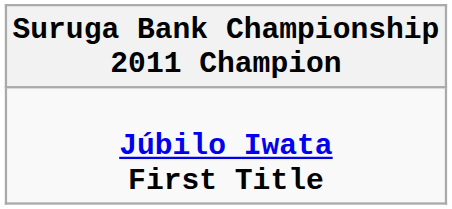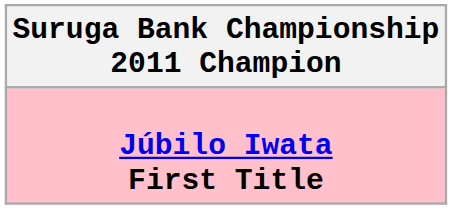 <table class="wikitable" style="text-align: center; margin: 0 auto;">
 <tr>
 <th>Suruga Bank Championship<br>2011 Champion</th>
 </tr>
 <tr>
-<td><br><strong><a href='#'>Júbilo Iwata</a></strong><br><strong>First Title</strong></td>
+<td style="background: pink;"><br><strong><a href='#'>Júbilo Iwata</a></strong><br><strong>First Title</strong></td>
 </tr>
 </table>
